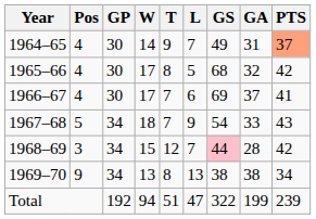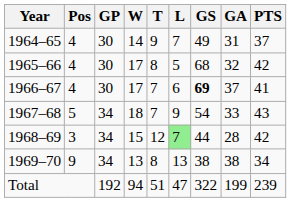 <table class="wikitable">
 <tr>
 <th>Year</th>
 <th>Pos</th>
 <th>GP</th>
 <th>W</th>
 <th>T</th>
 <th>L</th>
 <th>GS</th>
 <th>GA</th>
 <th>PTS</th>
 </tr>
 <tr>
 <td>1964–65</td>
 <td>4</td>
 <td>30</td>
 <td>14</td>
 <td>9</td>
 <td>7</td>
 <td>49</td>
 <td>31</td>
-<td style="background: lightsalmon;">37</td>
+<td>37</td>
 </tr>
 <tr>
 <td>1965–66</td>
 <td>4</td>
 <td>30</td>
 <td>17</td>
 <td>8</td>
 <td>5</td>
 <td>68</td>
 <td>32</td>
 <td>42</td>
 </tr>
 <tr>
 <td>1966–67</td>
 <td>4</td>
 <td>30</td>
 <td>17</td>
 <td>7</td>
 <td>6</td>
-<td>69</td>
+<td><strong>69</strong></td>
 <td>37</td>
 <td>41</td>
 </tr>
 <tr>
 <td>1967–68</td>
 <td>5</td>
 <td>34</td>
 <td>18</td>
 <td>7</td>
 <td>9</td>
 <td>54</td>
 <td>33</td>
 <td>43</td>
 </tr>
 <tr>
 <td>1968–69</td>
 <td>3</td>
 <td>34</td>
 <td>15</td>
 <td>12</td>
-<td>7</td>
-<td style="background: pink;">44</td>
+<td style="background: lightgreen;">7</td>
+<td>44</td>
 <td>28</td>
 <td>42</td>
 </tr>
 <tr>
 <td>1969–70</td>
 <td>9</td>
 <td>34</td>
 <td>13</td>
 <td>8</td>
 <td>13</td>
 <td>38</td>
 <td>38</td>
 <td>34</td>
 </tr>
 <tr>
 <td colspan="2">Total</td>
 <td>192</td>
 <td>94</td>
 <td>51</td>
 <td>47</td>
 <td>322</td>
 <td>199</td>
 <td>239</td>
 </tr>
 </table>
